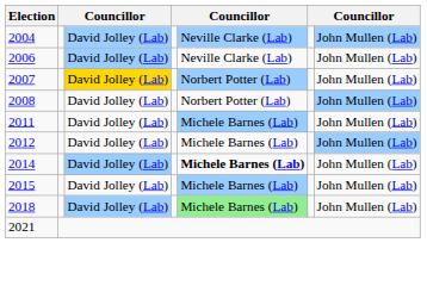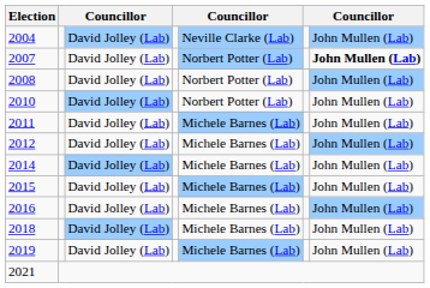 <table class="wikitable">
 <tr>
 <th>Election</th>
 <th colspan="2">Councillor</th>
 <th colspan="2">Councillor</th>
 <th colspan="2">Councillor</th>
 </tr>
 <tr>
 <td><a href='#'>2004</a></td>
 <td style="background-color: "></td>
 <td bgcolor="#99CCFF">David Jolley (<a href='#'>Lab</a>)</td>
 <td style="background-color: "></td>
 <td bgcolor="#99CCFF">Neville Clarke (<a href='#'>Lab</a>)</td>
 <td style="background-color: "></td>
 <td bgcolor="#99CCFF">John Mullen (<a href='#'>Lab</a>)</td>
 </tr>
 <tr>
-<td><a href='#'>2006</a></td>
-<td style="background-color: "></td>
-<td bgcolor="#99CCFF">David Jolley (<a href='#'>Lab</a>)</td>
-<td style="background-color: "></td>
-<td>Neville Clarke (<a href='#'>Lab</a>)</td>
-<td style="background-color: "></td>
-<td>John Mullen (<a href='#'>Lab</a>)</td>
-</tr>
-<tr>
 <td><a href='#'>2007</a></td>
 <td style="background-color: "></td>
-<td style="background: gold;">David Jolley (<a href='#'>Lab</a>)</td>
+<td>David Jolley (<a href='#'>Lab</a>)</td>
 <td style="background-color: "></td>
 <td bgcolor="#99CCFF">Norbert Potter (<a href='#'>Lab</a>)</td>
 <td style="background-color: "></td>
-<td>John Mullen (<a href='#'>Lab</a>)</td>
+<td><strong>John Mullen (<a href='#'>Lab</a>)</strong></td>
 </tr>
 <tr>
 <td><a href='#'>2008</a></td>
 <td style="background-color: "></td>
 <td>David Jolley (<a href='#'>Lab</a>)</td>
 <td style="background-color: "></td>
 <td>Norbert Potter (<a href='#'>Lab</a>)</td>
 <td style="background-color: "></td>
 <td bgcolor="#99CCFF">John Mullen (<a href='#'>Lab</a>)</td>
+</tr>
+<tr>
+<td><a href='#'>2010</a></td>
+<td style="background-color: "></td>
+<td bgcolor="#99CCFF">David Jolley (<a href='#'>Lab</a>)</td>
+<td style="background-color: "></td>
+<td>Norbert Potter (<a href='#'>Lab</a>)</td>
+<td style="background-color: "></td>
+<td>John Mullen (<a href='#'>Lab</a>)</td>
 </tr>
 <tr>
 <td><a href='#'>2011</a></td>
 <td style="background-color: "></td>
 <td>David Jolley (<a href='#'>Lab</a>)</td>
 <td style="background-color: "></td>
 <td bgcolor="#99CCFF">Michele Barnes (<a href='#'>Lab</a>)</td>
 <td style="background-color: "></td>
 <td>John Mullen (<a href='#'>Lab</a>)</td>
 </tr>
 <tr>
 <td><a href='#'>2012</a></td>
 <td style="background-color: "></td>
 <td>David Jolley (<a href='#'>Lab</a>)</td>
 <td style="background-color: "></td>
 <td>Michele Barnes (<a href='#'>Lab</a>)</td>
 <td style="background-color: "></td>
 <td bgcolor="#99CCFF">John Mullen (<a href='#'>Lab</a>)</td>
 </tr>
 <tr>
 <td><a href='#'>2014</a></td>
 <td style="background-color: "></td>
 <td bgcolor="#99CCFF">David Jolley (<a href='#'>Lab</a>)</td>
 <td style="background-color: "></td>
-<td><strong>Michele Barnes (<a href='#'>Lab</a>)</strong></td>
+<td>Michele Barnes (<a href='#'>Lab</a>)</td>
 <td style="background-color: "></td>
 <td>John Mullen (<a href='#'>Lab</a>)</td>
 </tr>
 <tr>
 <td><a href='#'>2015</a></td>
 <td style="background-color: "></td>
 <td>David Jolley (<a href='#'>Lab</a>)</td>
 <td style="background-color: "></td>
 <td bgcolor="#99CCFF">Michele Barnes (<a href='#'>Lab</a>)</td>
 <td style="background-color: "></td>
 <td>John Mullen (<a href='#'>Lab</a>)</td>
 </tr>
 <tr>
+<td><a href='#'>2016</a></td>
+<td style="background-color: "></td>
+<td>David Jolley (<a href='#'>Lab</a>)</td>
+<td style="background-color: "></td>
+<td>Michele Barnes (<a href='#'>Lab</a>)</td>
+<td style="background-color: "></td>
+<td bgcolor="#99CCFF">John Mullen (<a href='#'>Lab</a>)</td>
+</tr>
+<tr>
 <td><a href='#'>2018</a></td>
 <td style="background-color: "></td>
 <td bgcolor="#99CCFF">David Jolley (<a href='#'>Lab</a>)</td>
 <td style="background-color: "></td>
-<td style="background: lightgreen;">Michele Barnes (<a href='#'>Lab</a>)</td>
+<td>Michele Barnes (<a href='#'>Lab</a>)</td>
+<td style="background-color: "></td>
+<td>John Mullen (<a href='#'>Lab</a>)</td>
+</tr>
+<tr>
+<td><a href='#'>2019</a></td>
+<td style="background-color: "></td>
+<td>David Jolley (<a href='#'>Lab</a>)</td>
+<td style="background-color: "></td>
+<td bgcolor="#99CCFF">Michele Barnes (<a href='#'>Lab</a>)</td>
 <td style="background-color: "></td>
 <td>John Mullen (<a href='#'>Lab</a>)</td>
 </tr>
 <tr>
 <td>2021</td>
 <td colspan=6></td>
 </tr>
 </table>
